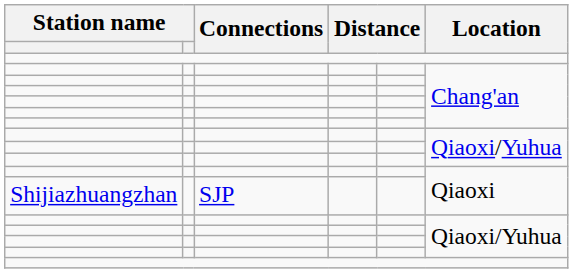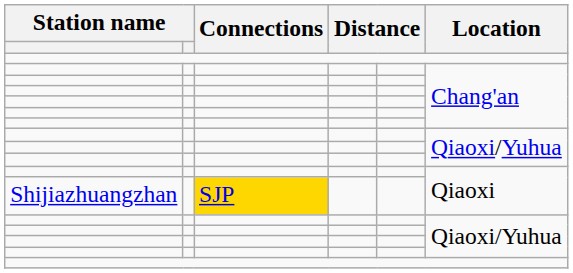 <table class="wikitable">
 <tr>
 <th colspan="2">Station name</th>
 <th rowspan="2">Connections</th>
 <th colspan="2" rowspan="2">Distance<br></th>
 <th rowspan="2">Location</th>
 </tr>
 <tr>
 <th></th>
 <th></th>
 </tr>
 <tr style="background:#">
 <td colspan="6"></td>
 </tr>
 <tr>
 <td></td>
 <td></td>
 <td></td>
 <td></td>
 <td></td>
 <td rowspan="6"><a href='#'>Chang'an</a></td>
 </tr>
 <tr>
 <td></td>
 <td></td>
 <td></td>
 <td></td>
 <td></td>
 </tr>
 <tr>
 <td></td>
 <td></td>
 <td></td>
 <td></td>
 <td></td>
 </tr>
 <tr>
 <td></td>
 <td></td>
 <td></td>
 <td></td>
 <td></td>
 </tr>
 <tr>
 <td></td>
 <td></td>
 <td></td>
 <td></td>
 <td></td>
 </tr>
 <tr>
 <td></td>
 <td></td>
 <td></td>
 <td></td>
 <td></td>
 </tr>
 <tr>
 <td></td>
 <td></td>
 <td></td>
 <td></td>
 <td></td>
 <td rowspan="3"><a href='#'>Qiaoxi</a>/<a href='#'>Yuhua</a></td>
 </tr>
 <tr>
 <td></td>
 <td></td>
 <td></td>
 <td></td>
 <td></td>
 </tr>
 <tr>
 <td></td>
 <td></td>
 <td></td>
 <td></td>
 <td></td>
 </tr>
 <tr>
 <td></td>
 <td></td>
 <td></td>
 <td></td>
 <td></td>
 <td rowspan="2">Qiaoxi</td>
 </tr>
 <tr>
 <td><a href='#'>Shijiazhuangzhan</a></td>
 <td></td>
-<td> <a href='#'>SJP</a><br></td>
+<td style="background: gold;"> <a href='#'>SJP</a><br></td>
 <td></td>
 <td></td>
 </tr>
 <tr>
 <td></td>
 <td></td>
 <td></td>
 <td></td>
 <td></td>
 <td rowspan="4">Qiaoxi/Yuhua</td>
 </tr>
 <tr>
 <td></td>
 <td></td>
 <td></td>
 <td></td>
 <td></td>
 </tr>
 <tr>
 <td></td>
 <td></td>
 <td></td>
 <td></td>
 <td></td>
 </tr>
 <tr>
 <td></td>
 <td></td>
 <td></td>
 <td></td>
 <td></td>
 </tr>
 <tr style="background:#">
 <td colspan="6"></td>
 </tr>
 </table>
